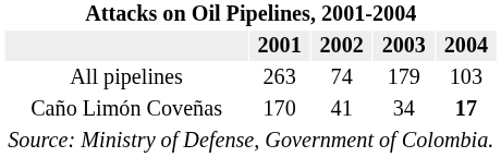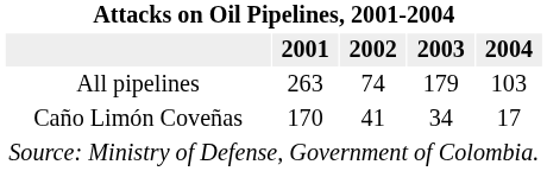 <table cellspacing="1" cellpadding="2" align="center">
 <tr valign="middle">
 <td colspan=5 align="center"><strong>Attacks on Oil Pipelines, 2001-2004</strong><br></td>
 </tr>
 <tr bgcolor="eeeeee" valign="middle">
 <td></td>
 <td align="center"><strong>2001</strong></td>
 <td align="center"><strong>2002</strong></td>
 <td align="center"><strong>2003</strong></td>
 <td align="center"><strong>2004</strong></td>
 </tr>
 <tr valign="middle">
 <td align="center">All pipelines</td>
 <td align="center">263</td>
 <td align="center">74</td>
 <td align="center">179</td>
 <td align="center">103</td>
 </tr>
 <tr>
 <td align="center">Caño Limón Coveñas</td>
 <td align="center">170</td>
 <td align="center">41</td>
 <td align="center">34</td>
-<td align="center"><strong>17</strong></td>
+<td align="center">17</td>
 </tr>
 <tr>
 <td colspan=5 align="center"><em>Source: Ministry of Defense, Government of Colombia.</em></td>
 </tr>
 </table>
